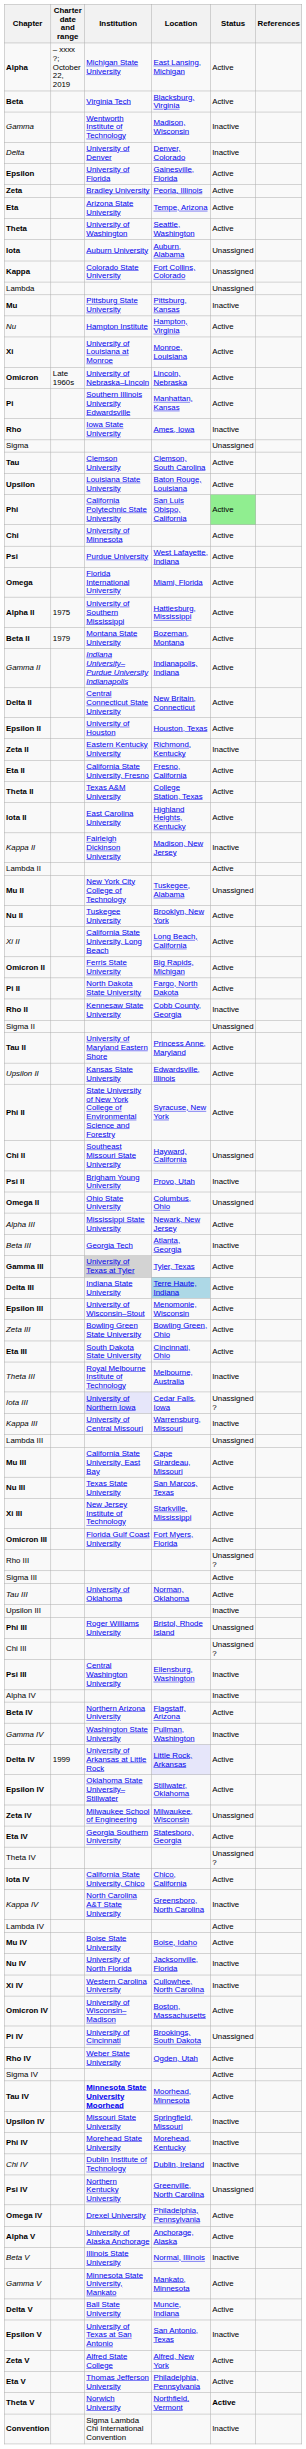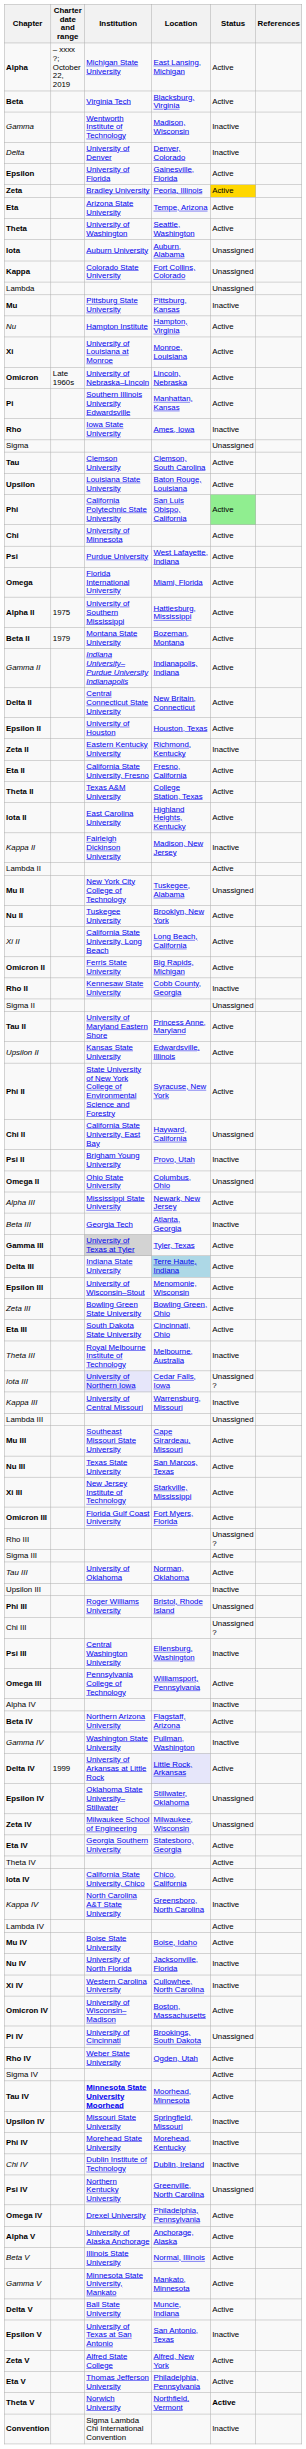 <table class="wikitable sortable">
 <tr>
 <th>Chapter</th>
 <th>Charter date<br>and range</th>
 <th>Institution</th>
 <th>Location</th>
 <th>Status</th>
 <th>References</th>
 </tr>
 <tr>
 <td><strong>Alpha</strong></td>
 <td> – xxxx ?;<br>October 22, 2019</td>
 <td><a href='#'>Michigan State University</a></td>
 <td><a href='#'>East Lansing, Michigan</a></td>
 <td>Active</td>
 <td></td>
 </tr>
 <tr>
 <td><strong>Beta</strong></td>
 <td></td>
 <td><a href='#'>Virginia Tech</a></td>
 <td><a href='#'>Blacksburg, Virginia</a></td>
 <td>Active</td>
 <td></td>
 </tr>
 <tr>
 <td><em>Gamma</em></td>
 <td></td>
 <td><a href='#'>Wentworth Institute of Technology</a></td>
 <td><a href='#'>Madison, Wisconsin</a></td>
 <td>Inactive</td>
 <td></td>
 </tr>
 <tr>
 <td><em>Delta</em></td>
 <td></td>
 <td><a href='#'>University of Denver</a></td>
 <td><a href='#'>Denver, Colorado</a></td>
 <td>Inactive</td>
 <td></td>
 </tr>
 <tr>
 <td><strong>Epsilon</strong></td>
 <td></td>
 <td><a href='#'>University of Florida</a></td>
 <td><a href='#'>Gainesville, Florida</a></td>
 <td>Active</td>
 <td></td>
 </tr>
 <tr>
 <td><strong>Zeta</strong></td>
 <td></td>
 <td><a href='#'>Bradley University</a></td>
 <td><a href='#'>Peoria, Illinois</a></td>
-<td>Active</td>
+<td style="background: gold;">Active</td>
 <td></td>
 </tr>
 <tr>
 <td><strong>Eta</strong></td>
 <td></td>
 <td><a href='#'>Arizona State University</a></td>
 <td><a href='#'>Tempe, Arizona</a></td>
 <td>Active</td>
 <td></td>
 </tr>
 <tr>
 <td><strong>Theta</strong></td>
 <td></td>
 <td><a href='#'>University of Washington</a></td>
 <td><a href='#'>Seattle, Washington</a></td>
 <td>Active</td>
 <td></td>
 </tr>
 <tr>
 <td><strong>Iota</strong></td>
 <td></td>
 <td><a href='#'>Auburn University</a></td>
 <td><a href='#'>Auburn, Alabama</a></td>
 <td>Unassigned</td>
 <td></td>
 </tr>
 <tr>
 <td><strong>Kappa</strong></td>
 <td></td>
 <td><a href='#'>Colorado State University</a></td>
 <td><a href='#'>Fort Collins, Colorado</a></td>
 <td>Unassigned</td>
 <td></td>
 </tr>
 <tr>
 <td>Lambda</td>
 <td></td>
 <td></td>
 <td></td>
 <td>Unassigned</td>
 <td></td>
 </tr>
 <tr>
 <td><strong>Mu</strong></td>
 <td></td>
 <td><a href='#'>Pittsburg State University</a></td>
 <td><a href='#'>Pittsburg, Kansas</a></td>
 <td>Inactive</td>
 <td></td>
 </tr>
 <tr>
 <td><em>Nu</em></td>
 <td></td>
 <td><a href='#'>Hampton Institute</a></td>
 <td><a href='#'>Hampton, Virginia</a></td>
 <td>Active</td>
 <td></td>
 </tr>
 <tr>
 <td><strong>Xi</strong></td>
 <td></td>
 <td><a href='#'>University of Louisiana at Monroe</a></td>
 <td><a href='#'>Monroe, Louisiana</a></td>
 <td>Active</td>
 <td></td>
 </tr>
 <tr>
 <td><strong>Omicron</strong></td>
 <td>Late 1960s</td>
 <td><a href='#'>University of Nebraska–Lincoln</a></td>
 <td><a href='#'>Lincoln, Nebraska</a></td>
 <td>Active</td>
 <td></td>
 </tr>
 <tr>
 <td><strong>Pi</strong></td>
 <td></td>
 <td><a href='#'>Southern Illinois University Edwardsville</a></td>
 <td><a href='#'>Manhattan, Kansas</a></td>
 <td>Active</td>
 <td></td>
 </tr>
 <tr>
 <td><strong>Rho</strong></td>
 <td></td>
 <td><a href='#'>Iowa State University</a></td>
 <td><a href='#'>Ames, Iowa</a></td>
 <td>Inactive</td>
 <td></td>
 </tr>
 <tr>
 <td>Sigma</td>
 <td></td>
 <td></td>
 <td></td>
 <td>Unassigned</td>
 <td></td>
 </tr>
 <tr>
 <td><strong>Tau</strong></td>
 <td></td>
 <td><a href='#'>Clemson University</a></td>
 <td><a href='#'>Clemson, South Carolina</a></td>
 <td>Active</td>
 <td></td>
 </tr>
 <tr>
 <td><strong>Upsilon</strong></td>
 <td></td>
 <td><a href='#'>Louisiana State University</a></td>
 <td><a href='#'>Baton Rouge, Louisiana</a></td>
 <td>Active</td>
 <td></td>
 </tr>
 <tr>
 <td><strong>Phi</strong></td>
 <td></td>
 <td><a href='#'>California Polytechnic State University</a></td>
 <td><a href='#'>San Luis Obispo, California</a></td>
 <td style="background: lightgreen;">Active</td>
 <td></td>
 </tr>
 <tr>
 <td><strong>Chi</strong></td>
 <td></td>
 <td><a href='#'>University of Minnesota</a></td>
 <td></td>
 <td>Active</td>
 <td></td>
 </tr>
 <tr>
 <td><strong>Psi</strong></td>
 <td></td>
 <td><a href='#'>Purdue University</a></td>
 <td><a href='#'>West Lafayette, Indiana</a></td>
 <td>Active</td>
 <td></td>
 </tr>
 <tr>
 <td><strong>Omega</strong></td>
 <td></td>
 <td><a href='#'>Florida International University</a></td>
 <td><a href='#'>Miami, Florida</a></td>
 <td>Active</td>
 <td></td>
 </tr>
 <tr>
 <td><strong>Alpha II</strong></td>
 <td>1975</td>
 <td><a href='#'>University of Southern Mississippi</a></td>
 <td><a href='#'>Hattiesburg, Mississippi</a></td>
 <td>Active</td>
 <td></td>
 </tr>
 <tr>
 <td><strong>Beta II</strong></td>
 <td>1979</td>
 <td><a href='#'>Montana State University</a></td>
 <td><a href='#'>Bozeman, Montana</a></td>
 <td>Active</td>
 <td></td>
 </tr>
 <tr>
 <td><em>Gamma II</em></td>
 <td></td>
 <td><a href='#'><em>Indiana University–Purdue University Indianapolis</em></a></td>
 <td><a href='#'>Indianapolis, Indiana</a></td>
 <td>Active</td>
 <td></td>
 </tr>
 <tr>
 <td><strong>Delta II</strong></td>
 <td></td>
 <td><a href='#'>Central Connecticut State University</a></td>
 <td><a href='#'>New Britain, Connecticut</a></td>
 <td>Active</td>
 <td></td>
 </tr>
 <tr>
 <td><strong>Epsilon II</strong></td>
 <td></td>
 <td><a href='#'>University of Houston</a></td>
 <td><a href='#'>Houston, Texas</a></td>
 <td>Active</td>
 <td></td>
 </tr>
 <tr>
 <td><strong>Zeta II</strong></td>
 <td></td>
 <td><a href='#'>Eastern Kentucky University</a></td>
 <td><a href='#'>Richmond, Kentucky</a></td>
 <td>Inactive</td>
 <td></td>
 </tr>
 <tr>
 <td><strong>Eta II</strong></td>
 <td></td>
 <td><a href='#'>California State University, Fresno</a></td>
 <td><a href='#'>Fresno, California</a></td>
 <td>Active</td>
 <td></td>
 </tr>
 <tr>
 <td><strong>Theta II</strong></td>
 <td></td>
 <td><a href='#'>Texas A&M University</a></td>
 <td><a href='#'>College Station, Texas</a></td>
 <td>Active</td>
 <td></td>
 </tr>
 <tr>
 <td><strong>Iota II</strong></td>
 <td></td>
 <td><a href='#'>East Carolina University</a></td>
 <td><a href='#'>Highland Heights, Kentucky</a></td>
 <td>Active</td>
 <td></td>
 </tr>
 <tr>
 <td><em>Kappa II</em></td>
 <td></td>
 <td><a href='#'>Fairleigh Dickinson University</a></td>
 <td><a href='#'>Madison, New Jersey</a></td>
 <td>Inactive</td>
 <td></td>
 </tr>
 <tr>
 <td>Lambda II</td>
 <td></td>
 <td></td>
 <td></td>
 <td>Active</td>
 <td></td>
 </tr>
 <tr>
 <td><strong>Mu II</strong></td>
 <td></td>
 <td><a href='#'>New York City College of Technology</a></td>
 <td><a href='#'>Tuskegee, Alabama</a></td>
 <td>Unassigned</td>
 <td></td>
 </tr>
 <tr>
 <td><strong>Nu II</strong></td>
 <td></td>
 <td><a href='#'>Tuskegee University</a></td>
 <td><a href='#'>Brooklyn, New York</a></td>
 <td>Active</td>
 <td></td>
 </tr>
 <tr>
 <td><em>Xi II</em></td>
 <td></td>
 <td><a href='#'>California State University, Long Beach</a></td>
 <td><a href='#'>Long Beach, California</a></td>
 <td>Active</td>
 <td></td>
 </tr>
 <tr>
 <td><strong>Omicron II</strong></td>
 <td></td>
 <td><a href='#'>Ferris State University</a></td>
 <td><a href='#'>Big Rapids, Michigan</a></td>
 <td>Active</td>
 <td></td>
 </tr>
 <tr>
-<td><strong>Pi II</strong></td>
-<td></td>
-<td><a href='#'>North Dakota State University</a></td>
-<td><a href='#'>Fargo, North Dakota</a></td>
-<td>Active</td>
-<td></td>
-</tr>
-<tr>
 <td><strong>Rho II</strong></td>
 <td></td>
 <td><a href='#'>Kennesaw State University</a></td>
 <td><a href='#'>Cobb County, Georgia</a></td>
 <td>Inactive</td>
 <td></td>
 </tr>
 <tr>
 <td>Sigma II</td>
 <td></td>
 <td></td>
 <td></td>
 <td>Unassigned</td>
 <td></td>
 </tr>
 <tr>
 <td><strong>Tau II</strong></td>
 <td></td>
 <td><a href='#'>University of Maryland Eastern Shore</a></td>
 <td><a href='#'>Princess Anne, Maryland</a></td>
 <td>Active</td>
 <td></td>
 </tr>
 <tr>
 <td><em>Upsilon II</em></td>
 <td></td>
 <td><a href='#'>Kansas State University</a></td>
 <td><a href='#'>Edwardsville, Illinois</a></td>
 <td>Active</td>
 <td></td>
 </tr>
 <tr>
 <td><strong>Phi II</strong></td>
 <td></td>
 <td><a href='#'>State University of New York College of Environmental Science and Forestry</a></td>
 <td><a href='#'>Syracuse, New York</a></td>
 <td>Active</td>
 <td></td>
 </tr>
 <tr>
 <td><strong>Chi II</strong></td>
 <td></td>
-<td><a href='#'>Southeast Missouri State University</a></td>
+<td><a href='#'>California State University, East Bay</a></td>
 <td><a href='#'>Hayward, California</a></td>
 <td>Unassigned</td>
 <td></td>
 </tr>
 <tr>
 <td><strong>Psi II</strong></td>
 <td></td>
 <td><a href='#'>Brigham Young University</a></td>
 <td><a href='#'>Provo, Utah</a></td>
 <td>Inactive</td>
 <td></td>
 </tr>
 <tr>
 <td><strong>Omega II</strong></td>
 <td></td>
 <td><a href='#'>Ohio State University</a></td>
 <td><a href='#'>Columbus, Ohio</a></td>
 <td>Unassigned</td>
 <td></td>
 </tr>
 <tr>
 <td><em>Alpha III</em></td>
 <td></td>
 <td><a href='#'>Mississippi State University</a></td>
 <td><a href='#'>Newark, New Jersey</a></td>
 <td>Active</td>
 <td></td>
 </tr>
 <tr>
 <td><em>Beta III</em></td>
 <td></td>
 <td><a href='#'>Georgia Tech</a></td>
 <td><a href='#'>Atlanta, Georgia</a></td>
 <td>Inactive</td>
 <td></td>
 </tr>
 <tr>
 <td><strong>Gamma III</strong></td>
 <td></td>
 <td style="background: lightgrey;"><a href='#'>University of Texas at Tyler</a></td>
 <td><a href='#'>Tyler, Texas</a></td>
 <td>Active</td>
 <td></td>
 </tr>
 <tr>
 <td><strong>Delta III</strong></td>
 <td></td>
 <td><a href='#'>Indiana State University</a></td>
 <td style="background: lightblue;"><a href='#'>Terre Haute, Indiana</a></td>
 <td>Active</td>
 <td></td>
 </tr>
 <tr>
 <td><strong>Epsilon III</strong></td>
 <td></td>
 <td><a href='#'>University of Wisconsin–Stout</a></td>
 <td><a href='#'>Menomonie, Wisconsin</a></td>
 <td>Active</td>
 <td></td>
 </tr>
 <tr>
 <td><em>Zeta III</em></td>
 <td></td>
 <td><a href='#'>Bowling Green State University</a></td>
 <td><a href='#'>Bowling Green, Ohio</a></td>
 <td>Active</td>
 <td></td>
 </tr>
 <tr>
 <td><strong>Eta III</strong></td>
 <td></td>
 <td><a href='#'>South Dakota State University</a></td>
 <td><a href='#'>Cincinnati, Ohio</a></td>
 <td>Active</td>
 <td></td>
 </tr>
 <tr>
 <td><em>Theta III</em></td>
 <td></td>
 <td><a href='#'>Royal Melbourne Institute of Technology</a></td>
 <td><a href='#'>Melbourne, Australia</a></td>
 <td>Inactive</td>
 <td></td>
 </tr>
 <tr>
 <td><em>Iota III</em></td>
 <td></td>
 <td style="background: lavender;"><a href='#'>University of Northern Iowa</a></td>
 <td><a href='#'>Cedar Falls, Iowa</a></td>
 <td>Unassigned ?</td>
 <td></td>
 </tr>
 <tr>
 <td><em>Kappa III</em></td>
 <td></td>
 <td><a href='#'>University of Central Missouri</a></td>
 <td><a href='#'>Warrensburg, Missouri</a></td>
 <td>Inactive</td>
 <td></td>
 </tr>
 <tr>
 <td>Lambda III</td>
 <td></td>
 <td></td>
 <td></td>
 <td>Unassigned</td>
 <td></td>
 </tr>
 <tr>
 <td><strong>Mu III</strong></td>
 <td></td>
-<td><a href='#'>California State University, East Bay</a></td>
+<td><a href='#'>Southeast Missouri State University</a></td>
 <td><a href='#'>Cape Girardeau, Missouri</a></td>
 <td>Active</td>
 <td></td>
 </tr>
 <tr>
 <td><strong>Nu III</strong></td>
 <td></td>
 <td><a href='#'>Texas State University</a></td>
 <td><a href='#'>San Marcos, Texas</a></td>
 <td>Active</td>
 <td></td>
 </tr>
 <tr>
 <td><strong>Xi III</strong></td>
 <td></td>
 <td><a href='#'>New Jersey Institute of Technology</a></td>
 <td><a href='#'>Starkville, Mississippi</a></td>
 <td>Active</td>
 <td></td>
 </tr>
 <tr>
 <td><strong>Omicron III</strong></td>
 <td></td>
 <td><a href='#'>Florida Gulf Coast University</a></td>
 <td><a href='#'>Fort Myers, Florida</a></td>
 <td>Active</td>
 <td></td>
 </tr>
 <tr>
 <td>Rho III</td>
 <td></td>
 <td></td>
 <td></td>
 <td>Unassigned ?</td>
 <td></td>
 </tr>
 <tr>
 <td>Sigma III</td>
 <td></td>
 <td></td>
 <td></td>
 <td>Active</td>
 <td></td>
 </tr>
 <tr>
 <td><em>Tau III</em></td>
 <td></td>
 <td><a href='#'>University of Oklahoma</a></td>
 <td><a href='#'>Norman, Oklahoma</a></td>
 <td>Active</td>
 <td></td>
 </tr>
 <tr>
 <td>Upsilon III</td>
 <td></td>
 <td></td>
 <td></td>
 <td>Inactive</td>
 <td></td>
 </tr>
 <tr>
 <td><strong>Phi III</strong></td>
 <td></td>
 <td><a href='#'>Roger Williams University</a></td>
 <td><a href='#'>Bristol, Rhode Island</a></td>
 <td>Unassigned</td>
 <td></td>
 </tr>
 <tr>
 <td>Chi III</td>
 <td></td>
 <td></td>
 <td></td>
 <td>Unassigned ?</td>
 <td></td>
 </tr>
 <tr>
 <td><strong>Psi III</strong></td>
 <td></td>
 <td><a href='#'>Central Washington University</a></td>
 <td><a href='#'>Ellensburg, Washington</a></td>
 <td>Inactive</td>
 <td></td>
 </tr>
 <tr>
+<td><strong>Omega III</strong></td>
+<td></td>
+<td><a href='#'>Pennsylvania College of Technology</a></td>
+<td><a href='#'>Williamsport, Pennsylvania</a></td>
+<td>Active</td>
+<td></td>
+</tr>
+<tr>
 <td>Alpha IV</td>
 <td></td>
 <td></td>
 <td></td>
 <td>Inactive</td>
 <td></td>
 </tr>
 <tr>
 <td><strong>Beta IV</strong></td>
 <td></td>
 <td><a href='#'>Northern Arizona University</a></td>
 <td><a href='#'>Flagstaff, Arizona</a></td>
 <td>Active</td>
 <td></td>
 </tr>
 <tr>
 <td><em>Gamma IV</em></td>
 <td></td>
 <td><a href='#'>Washington State University</a></td>
 <td><a href='#'>Pullman, Washington</a></td>
 <td>Inactive</td>
 <td></td>
 </tr>
 <tr>
 <td><strong>Delta IV</strong></td>
 <td>1999</td>
 <td><a href='#'>University of Arkansas at Little Rock</a></td>
 <td style="background: lavender;"><a href='#'>Little Rock, Arkansas</a></td>
 <td>Active</td>
 <td></td>
 </tr>
 <tr>
 <td><strong>Epsilon IV</strong></td>
 <td></td>
 <td><a href='#'>Oklahoma State University–Stillwater</a></td>
 <td><a href='#'>Stillwater, Oklahoma</a></td>
-<td>Active</td>
+<td>Unassigned</td>
 <td></td>
 </tr>
 <tr>
 <td><strong>Zeta IV</strong></td>
 <td></td>
 <td><a href='#'>Milwaukee School of Engineering</a></td>
 <td><a href='#'>Milwaukee, Wisconsin</a></td>
 <td>Unassigned</td>
 <td></td>
 </tr>
 <tr>
 <td><strong>Eta IV</strong></td>
 <td></td>
 <td><a href='#'>Georgia Southern University</a></td>
 <td><a href='#'>Statesboro, Georgia</a></td>
 <td>Active</td>
 <td></td>
 </tr>
 <tr>
 <td>Theta IV</td>
 <td></td>
 <td></td>
 <td></td>
-<td>Unassigned ?</td>
+<td>Active</td>
 <td></td>
 </tr>
 <tr>
 <td><strong>Iota IV</strong></td>
 <td></td>
 <td><a href='#'>California State University, Chico</a></td>
 <td><a href='#'>Chico, California</a></td>
 <td>Active</td>
 <td></td>
 </tr>
 <tr>
 <td><em>Kappa IV</em></td>
 <td></td>
 <td><a href='#'>North Carolina A&T State University</a></td>
 <td><a href='#'>Greensboro, North Carolina</a></td>
 <td>Inactive</td>
 <td></td>
 </tr>
 <tr>
 <td>Lambda IV</td>
 <td></td>
 <td></td>
 <td></td>
 <td>Active</td>
 <td></td>
 </tr>
 <tr>
 <td><strong>Mu IV</strong></td>
 <td></td>
 <td><a href='#'>Boise State University</a></td>
 <td><a href='#'>Boise, Idaho</a></td>
 <td>Active</td>
 <td></td>
 </tr>
 <tr>
 <td><strong>Nu IV</strong></td>
 <td></td>
 <td><a href='#'>University of North Florida</a></td>
 <td><a href='#'>Jacksonville, Florida</a></td>
 <td>Inactive</td>
 <td></td>
 </tr>
 <tr>
 <td><strong>Xi IV</strong></td>
 <td></td>
 <td><a href='#'>Western Carolina University</a></td>
 <td><a href='#'>Cullowhee, North Carolina</a></td>
 <td>Inactive</td>
 <td></td>
 </tr>
 <tr>
 <td><strong>Omicron IV</strong></td>
 <td></td>
 <td><a href='#'>University of Wisconsin–Madison</a></td>
 <td><a href='#'>Boston, Massachusetts</a></td>
 <td>Active</td>
 <td></td>
 </tr>
 <tr>
 <td><strong>Pi IV</strong></td>
 <td></td>
 <td><a href='#'>University of Cincinnati</a></td>
 <td><a href='#'>Brookings, South Dakota</a></td>
 <td>Unassigned</td>
 <td></td>
 </tr>
 <tr>
 <td><strong>Rho IV</strong></td>
 <td></td>
 <td><a href='#'>Weber State University</a></td>
 <td><a href='#'>Ogden, Utah</a></td>
 <td>Active</td>
 <td></td>
 </tr>
 <tr>
 <td>Sigma IV</td>
 <td></td>
 <td></td>
 <td></td>
 <td>Active</td>
 <td></td>
 </tr>
 <tr>
 <td><strong>Tau IV</strong></td>
 <td></td>
 <td><strong><a href='#'>Minnesota State University Moorhead</a></strong></td>
 <td><a href='#'>Moorhead, Minnesota</a></td>
 <td>Active</td>
 <td></td>
 </tr>
 <tr>
 <td><strong>Upsilon IV</strong></td>
 <td></td>
 <td><a href='#'>Missouri State University</a></td>
 <td><a href='#'>Springfield, Missouri</a></td>
 <td>Inactive</td>
 <td></td>
 </tr>
 <tr>
 <td><strong>Phi IV</strong></td>
 <td></td>
 <td><a href='#'>Morehead State University</a></td>
 <td><a href='#'>Morehead, Kentucky</a></td>
 <td>Inactive</td>
 <td></td>
 </tr>
 <tr>
 <td><em>Chi IV</em></td>
 <td></td>
 <td><a href='#'>Dublin Institute of Technology</a></td>
 <td><a href='#'>Dublin, Ireland</a></td>
 <td>Inactive</td>
 <td></td>
 </tr>
 <tr>
 <td><strong>Psi IV</strong></td>
 <td></td>
 <td><a href='#'>Northern Kentucky University</a></td>
 <td><a href='#'>Greenville, North Carolina</a></td>
 <td>Unassigned</td>
 <td></td>
 </tr>
 <tr>
 <td><strong>Omega IV</strong></td>
 <td></td>
 <td><a href='#'>Drexel University</a></td>
 <td><a href='#'>Philadelphia, Pennsylvania</a></td>
 <td>Active</td>
 <td></td>
 </tr>
 <tr>
 <td><strong>Alpha V</strong></td>
 <td></td>
 <td><a href='#'>University of Alaska Anchorage</a></td>
 <td><a href='#'>Anchorage, Alaska</a></td>
 <td>Active</td>
 <td></td>
 </tr>
 <tr>
 <td><em>Beta V</em></td>
 <td></td>
 <td><a href='#'>Illinois State University</a></td>
 <td><a href='#'>Normal, Illinois</a></td>
-<td>Inactive</td>
+<td>Active</td>
 <td></td>
 </tr>
 <tr>
 <td><em>Gamma V</em></td>
 <td></td>
 <td><a href='#'>Minnesota State University, Mankato</a></td>
 <td><a href='#'>Mankato, Minnesota</a></td>
 <td>Active</td>
 <td></td>
 </tr>
 <tr>
 <td><strong>Delta V</strong></td>
 <td></td>
 <td><a href='#'>Ball State University</a></td>
 <td><a href='#'>Muncie, Indiana</a></td>
 <td>Active</td>
 <td></td>
 </tr>
 <tr>
 <td><strong>Epsilon V</strong></td>
 <td></td>
 <td><a href='#'>University of Texas at San Antonio</a></td>
 <td><a href='#'>San Antonio, Texas</a></td>
 <td>Inactive</td>
 <td></td>
 </tr>
 <tr>
 <td><strong>Zeta V</strong></td>
 <td></td>
 <td><a href='#'>Alfred State College</a></td>
 <td><a href='#'>Alfred, New York</a></td>
 <td>Active</td>
 <td></td>
 </tr>
 <tr>
 <td><strong>Eta V</strong></td>
 <td></td>
 <td><a href='#'>Thomas Jefferson University</a></td>
 <td><a href='#'>Philadelphia, Pennsylvania</a></td>
 <td>Active</td>
 <td></td>
 </tr>
 <tr>
 <td><strong>Theta V</strong></td>
 <td></td>
 <td><a href='#'>Norwich University</a></td>
 <td><a href='#'>Northfield, Vermont</a></td>
 <td><strong>Active</strong></td>
 <td></td>
 </tr>
 <tr>
 <td><strong>Convention</strong></td>
 <td></td>
 <td>Sigma Lambda Chi International Convention</td>
 <td></td>
 <td>Inactive</td>
 <td></td>
 </tr>
 </table>
